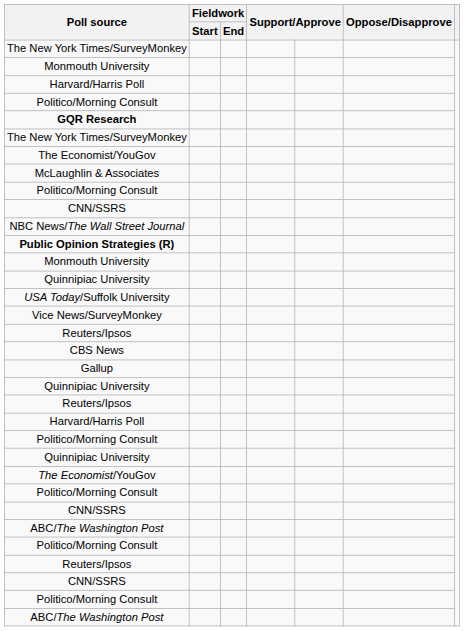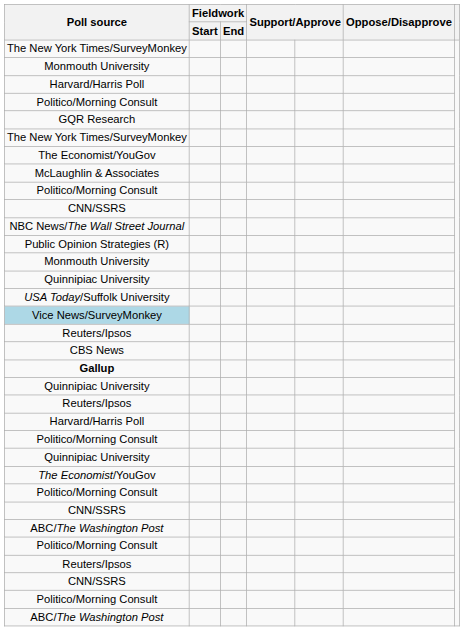 <table class="wikitable sortable" style="text-align:center;">
 <tr>
 <th rowspan="2">Poll source</th>
 <th colspan="2">Fieldwork</th>
 <th colspan="2" rowspan="2">Support/Approve</th>
 <th colspan="2" rowspan="2">Oppose/Disapprove</th>
 <th class="unsortable" rowspan="2"></th>
 </tr>
 <tr>
 <th>Start</th>
 <th>End</th>
 </tr>
 <tr>
 <td>The New York Times/SurveyMonkey</td>
 <td></td>
 <td></td>
 <td></td>
 <td></td>
 <td></td>
 </tr>
 <tr>
 <td>Monmouth University</td>
 <td></td>
 <td></td>
 <td></td>
 <td></td>
 <td></td>
 </tr>
 <tr>
 <td>Harvard/Harris Poll</td>
 <td></td>
 <td></td>
 <td></td>
 <td></td>
 <td></td>
 </tr>
 <tr>
 <td>Politico/Morning Consult</td>
 <td></td>
 <td></td>
 <td></td>
 <td></td>
 <td></td>
 </tr>
 <tr>
-<td><strong>GQR Research</strong></td>
+<td>GQR Research</td>
 <td></td>
 <td></td>
 <td></td>
 <td></td>
 <td></td>
 </tr>
 <tr>
 <td>The New York Times/SurveyMonkey</td>
 <td></td>
 <td></td>
 <td></td>
 <td></td>
 <td></td>
 </tr>
 <tr>
 <td>The Economist/YouGov</td>
 <td></td>
 <td></td>
 <td></td>
 <td></td>
 <td></td>
 </tr>
 <tr>
 <td>McLaughlin & Associates</td>
 <td></td>
 <td></td>
 <td></td>
 <td></td>
 <td></td>
 </tr>
 <tr>
 <td>Politico/Morning Consult</td>
 <td></td>
 <td></td>
 <td></td>
 <td></td>
 <td></td>
 </tr>
 <tr>
 <td>CNN/SSRS</td>
 <td></td>
 <td></td>
 <td></td>
 <td></td>
 <td></td>
 </tr>
 <tr>
 <td>NBC News/<em>The Wall Street Journal</em></td>
 <td></td>
 <td></td>
 <td></td>
 <td></td>
 <td></td>
 </tr>
 <tr>
-<td><strong>Public Opinion Strategies (R)</strong></td>
+<td>Public Opinion Strategies (R)</td>
 <td></td>
 <td></td>
 <td></td>
 <td></td>
 <td></td>
 </tr>
 <tr>
 <td>Monmouth University</td>
 <td></td>
 <td></td>
 <td></td>
 <td></td>
 <td></td>
 </tr>
 <tr>
 <td>Quinnipiac University</td>
 <td></td>
 <td></td>
 <td></td>
 <td></td>
 <td></td>
 </tr>
 <tr>
 <td><em>USA Today</em>/Suffolk University</td>
 <td></td>
 <td></td>
 <td></td>
 <td></td>
 <td></td>
 </tr>
 <tr>
-<td>Vice News/SurveyMonkey</td>
+<td style="background: lightblue;">Vice News/SurveyMonkey</td>
 <td></td>
 <td></td>
 <td></td>
 <td></td>
 <td></td>
 </tr>
 <tr>
 <td>Reuters/Ipsos</td>
 <td></td>
 <td></td>
 <td></td>
 <td></td>
 <td></td>
 </tr>
 <tr>
 <td>CBS News</td>
 <td></td>
 <td></td>
 <td></td>
 <td></td>
 <td></td>
 </tr>
 <tr>
-<td>Gallup</td>
+<td><strong>Gallup</strong></td>
 <td></td>
 <td></td>
 <td></td>
 <td></td>
 <td></td>
 </tr>
 <tr>
 <td>Quinnipiac University</td>
 <td></td>
 <td></td>
 <td></td>
 <td></td>
 <td></td>
 </tr>
 <tr>
 <td>Reuters/Ipsos</td>
 <td></td>
 <td></td>
 <td></td>
 <td></td>
 <td></td>
 </tr>
 <tr>
 <td>Harvard/Harris Poll</td>
 <td></td>
 <td></td>
 <td></td>
 <td></td>
 <td></td>
 </tr>
 <tr>
 <td>Politico/Morning Consult</td>
 <td></td>
 <td></td>
 <td></td>
 <td></td>
 <td></td>
 </tr>
 <tr>
 <td>Quinnipiac University</td>
 <td></td>
 <td></td>
 <td></td>
 <td></td>
 <td></td>
 </tr>
 <tr>
 <td><em>The Economist</em>/YouGov</td>
 <td></td>
 <td></td>
 <td></td>
 <td></td>
 <td></td>
 </tr>
 <tr>
 <td>Politico/Morning Consult</td>
 <td></td>
 <td></td>
 <td></td>
 <td></td>
 <td></td>
 </tr>
 <tr>
 <td>CNN/SSRS</td>
 <td></td>
 <td></td>
 <td></td>
 <td></td>
 <td></td>
 </tr>
 <tr>
 <td>ABC/<em>The Washington Post</em></td>
 <td></td>
 <td></td>
 <td></td>
 <td></td>
 <td></td>
 </tr>
 <tr>
 <td>Politico/Morning Consult</td>
 <td></td>
 <td></td>
 <td></td>
 <td></td>
 <td></td>
 </tr>
 <tr>
 <td>Reuters/Ipsos</td>
 <td></td>
 <td></td>
 <td></td>
 <td></td>
 <td></td>
 </tr>
 <tr>
 <td>CNN/SSRS</td>
 <td></td>
 <td></td>
 <td></td>
 <td></td>
 <td></td>
 </tr>
 <tr>
 <td>Politico/Morning Consult</td>
 <td></td>
 <td></td>
 <td></td>
 <td></td>
 <td></td>
 </tr>
 <tr>
 <td>ABC/<em>The Washington Post</em></td>
 <td></td>
 <td></td>
 <td></td>
 <td></td>
 <td></td>
 </tr>
 </table>
